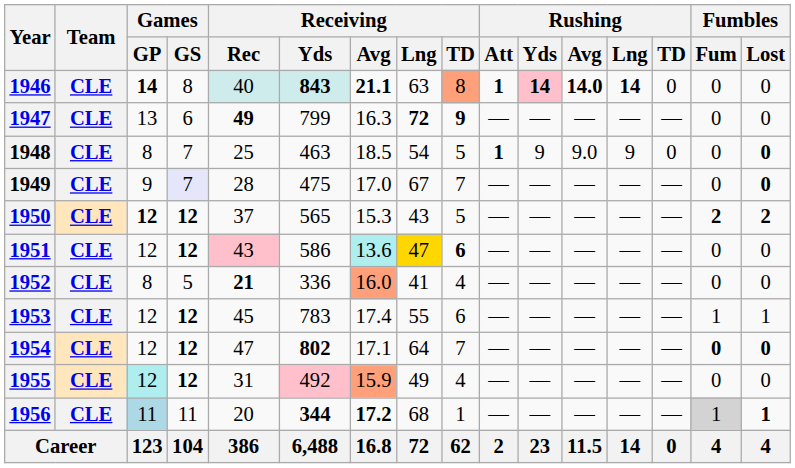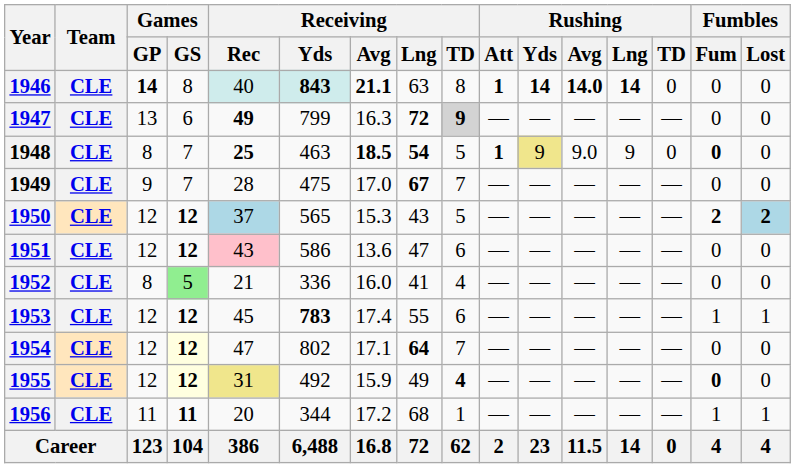 <table class="wikitable" style="text-align:center;">
 <tr>
 <th rowspan="2">Year</th>
 <th rowspan="2">Team</th>
 <th colspan="2">Games</th>
 <th colspan="5">Receiving</th>
 <th colspan="5">Rushing</th>
 <th colspan="2">Fumbles</th>
 </tr>
 <tr>
 <th>GP</th>
 <th>GS</th>
 <th>Rec</th>
 <th>Yds</th>
 <th>Avg</th>
 <th>Lng</th>
 <th>TD</th>
 <th>Att</th>
 <th>Yds</th>
 <th>Avg</th>
 <th>Lng</th>
 <th>TD</th>
 <th>Fum</th>
 <th>Lost</th>
 </tr>
 <tr>
 <th><a href='#'>1946</a></th>
 <th><a href='#'>CLE</a></th>
 <td><strong>14</strong></td>
 <td>8</td>
 <td style="background:#cfecec; width:3em;">40</td>
 <td style="background:#cfecec; width:3em;"><strong>843</strong></td>
 <td><strong>21.1</strong></td>
 <td>63</td>
-<td style="background: lightsalmon;">8</td>
+<td>8</td>
 <td><strong>1</strong></td>
-<td style="background: pink;"><strong>14</strong></td>
+<td><strong>14</strong></td>
 <td><strong>14.0</strong></td>
 <td><strong>14</strong></td>
 <td>0</td>
 <td>0</td>
 <td>0</td>
 </tr>
 <tr>
 <th><a href='#'>1947</a></th>
 <th><a href='#'>CLE</a></th>
 <td>13</td>
 <td>6</td>
 <td><strong>49</strong></td>
 <td>799</td>
 <td>16.3</td>
 <td><strong>72</strong></td>
-<td><strong>9</strong></td>
+<td style="background: lightgrey;"><strong>9</strong></td>
 <td>—</td>
 <td>—</td>
 <td>—</td>
 <td>—</td>
 <td>—</td>
 <td>0</td>
 <td>0</td>
 </tr>
 <tr>
 <th>1948</th>
 <th><a href='#'>CLE</a></th>
 <td>8</td>
 <td>7</td>
-<td>25</td>
+<td><strong>25</strong></td>
 <td>463</td>
-<td>18.5</td>
-<td>54</td>
+<td><strong>18.5</strong></td>
+<td><strong>54</strong></td>
 <td>5</td>
 <td><strong>1</strong></td>
-<td>9</td>
+<td style="background: khaki;">9</td>
 <td>9.0</td>
 <td>9</td>
 <td>0</td>
+<td><strong>0</strong></td>
 <td>0</td>
-<td><strong>0</strong></td>
 </tr>
 <tr>
 <th>1949</th>
 <th><a href='#'>CLE</a></th>
 <td>9</td>
-<td style="background: lavender;">7</td>
+<td>7</td>
 <td>28</td>
 <td>475</td>
 <td>17.0</td>
-<td>67</td>
+<td><strong>67</strong></td>
 <td>7</td>
 <td>—</td>
 <td>—</td>
 <td>—</td>
 <td>—</td>
 <td>—</td>
 <td>0</td>
-<td><strong>0</strong></td>
+<td>0</td>
 </tr>
 <tr>
 <th><a href='#'>1950</a></th>
 <th style="background:#FFE6BD; width:3em;"><a href='#'>CLE</a></th>
+<td>12</td>
 <td><strong>12</strong></td>
-<td><strong>12</strong></td>
-<td>37</td>
+<td style="background: lightblue;">37</td>
 <td>565</td>
 <td>15.3</td>
 <td>43</td>
 <td>5</td>
 <td>—</td>
 <td>—</td>
 <td>—</td>
 <td>—</td>
 <td>—</td>
 <td><strong>2</strong></td>
-<td><strong>2</strong></td>
+<td style="background: lightblue;"><strong>2</strong></td>
 </tr>
 <tr>
 <th><a href='#'>1951</a></th>
 <th><a href='#'>CLE</a></th>
 <td>12</td>
 <td><strong>12</strong></td>
 <td style="background: pink;">43</td>
 <td>586</td>
-<td style="background: paleturquoise;">13.6</td>
-<td style="background: gold;">47</td>
-<td><strong>6</strong></td>
+<td>13.6</td>
+<td>47</td>
+<td>6</td>
 <td>—</td>
 <td>—</td>
 <td>—</td>
 <td>—</td>
 <td>—</td>
 <td>0</td>
 <td>0</td>
 </tr>
 <tr>
 <th><a href='#'>1952</a></th>
 <th><a href='#'>CLE</a></th>
 <td>8</td>
-<td>5</td>
-<td><strong>21</strong></td>
+<td style="background: lightgreen;">5</td>
+<td>21</td>
 <td>336</td>
-<td style="background: lightsalmon;">16.0</td>
+<td>16.0</td>
 <td>41</td>
 <td>4</td>
 <td>—</td>
 <td>—</td>
 <td>—</td>
 <td>—</td>
 <td>—</td>
 <td>0</td>
 <td>0</td>
 </tr>
 <tr>
 <th><a href='#'>1953</a></th>
 <th><a href='#'>CLE</a></th>
 <td>12</td>
 <td><strong>12</strong></td>
 <td>45</td>
-<td>783</td>
+<td><strong>783</strong></td>
 <td>17.4</td>
 <td>55</td>
 <td>6</td>
 <td>—</td>
 <td>—</td>
 <td>—</td>
 <td>—</td>
 <td>—</td>
 <td>1</td>
 <td>1</td>
 </tr>
 <tr>
 <th><a href='#'>1954</a></th>
 <th style="background:#FFE6BD; width:3em;"><a href='#'>CLE</a></th>
 <td>12</td>
-<td><strong>12</strong></td>
+<td style="background: lightyellow;"><strong>12</strong></td>
 <td>47</td>
-<td><strong>802</strong></td>
+<td>802</td>
 <td>17.1</td>
-<td>64</td>
+<td><strong>64</strong></td>
 <td>7</td>
-<td>—</td>
-<td>—</td>
-<td>—</td>
-<td>—</td>
-<td>—</td>
-<td><strong>0</strong></td>
-<td><strong>0</strong></td>
-</tr>
-<tr>
-<th><a href='#'>1955</a></th>
-<th style="background:#FFE6BD; width:3em;"><a href='#'>CLE</a></th>
-<td style="background: paleturquoise;">12</td>
-<td><strong>12</strong></td>
-<td>31</td>
-<td style="background: pink;">492</td>
-<td style="background: lightsalmon;">15.9</td>
-<td>49</td>
-<td>4</td>
 <td>—</td>
 <td>—</td>
 <td>—</td>
 <td>—</td>
 <td>—</td>
 <td>0</td>
 <td>0</td>
 </tr>
 <tr>
+<th><a href='#'>1955</a></th>
+<th style="background:#FFE6BD; width:3em;"><a href='#'>CLE</a></th>
+<td>12</td>
+<td style="background: lightyellow;"><strong>12</strong></td>
+<td style="background: khaki;">31</td>
+<td>492</td>
+<td>15.9</td>
+<td>49</td>
+<td><strong>4</strong></td>
+<td>—</td>
+<td>—</td>
+<td>—</td>
+<td>—</td>
+<td>—</td>
+<td><strong>0</strong></td>
+<td>0</td>
+</tr>
+<tr>
 <th><a href='#'>1956</a></th>
 <th><a href='#'>CLE</a></th>
-<td style="background: lightblue;">11</td>
 <td>11</td>
+<td><strong>11</strong></td>
 <td>20</td>
-<td><strong>344</strong></td>
-<td><strong>17.2</strong></td>
+<td>344</td>
+<td>17.2</td>
 <td>68</td>
 <td>1</td>
 <td>—</td>
 <td>—</td>
 <td>—</td>
 <td>—</td>
 <td>—</td>
-<td style="background: lightgrey;">1</td>
-<td><strong>1</strong></td>
+<td>1</td>
+<td>1</td>
 </tr>
 <tr>
 <th colspan="2">Career</th>
 <th>123</th>
 <th>104</th>
 <th>386</th>
 <th>6,488</th>
 <th>16.8</th>
 <th>72</th>
 <th>62</th>
 <th>2</th>
 <th>23</th>
 <th>11.5</th>
 <th>14</th>
 <th>0</th>
 <th>4</th>
 <th>4</th>
 </tr>
 </table>
